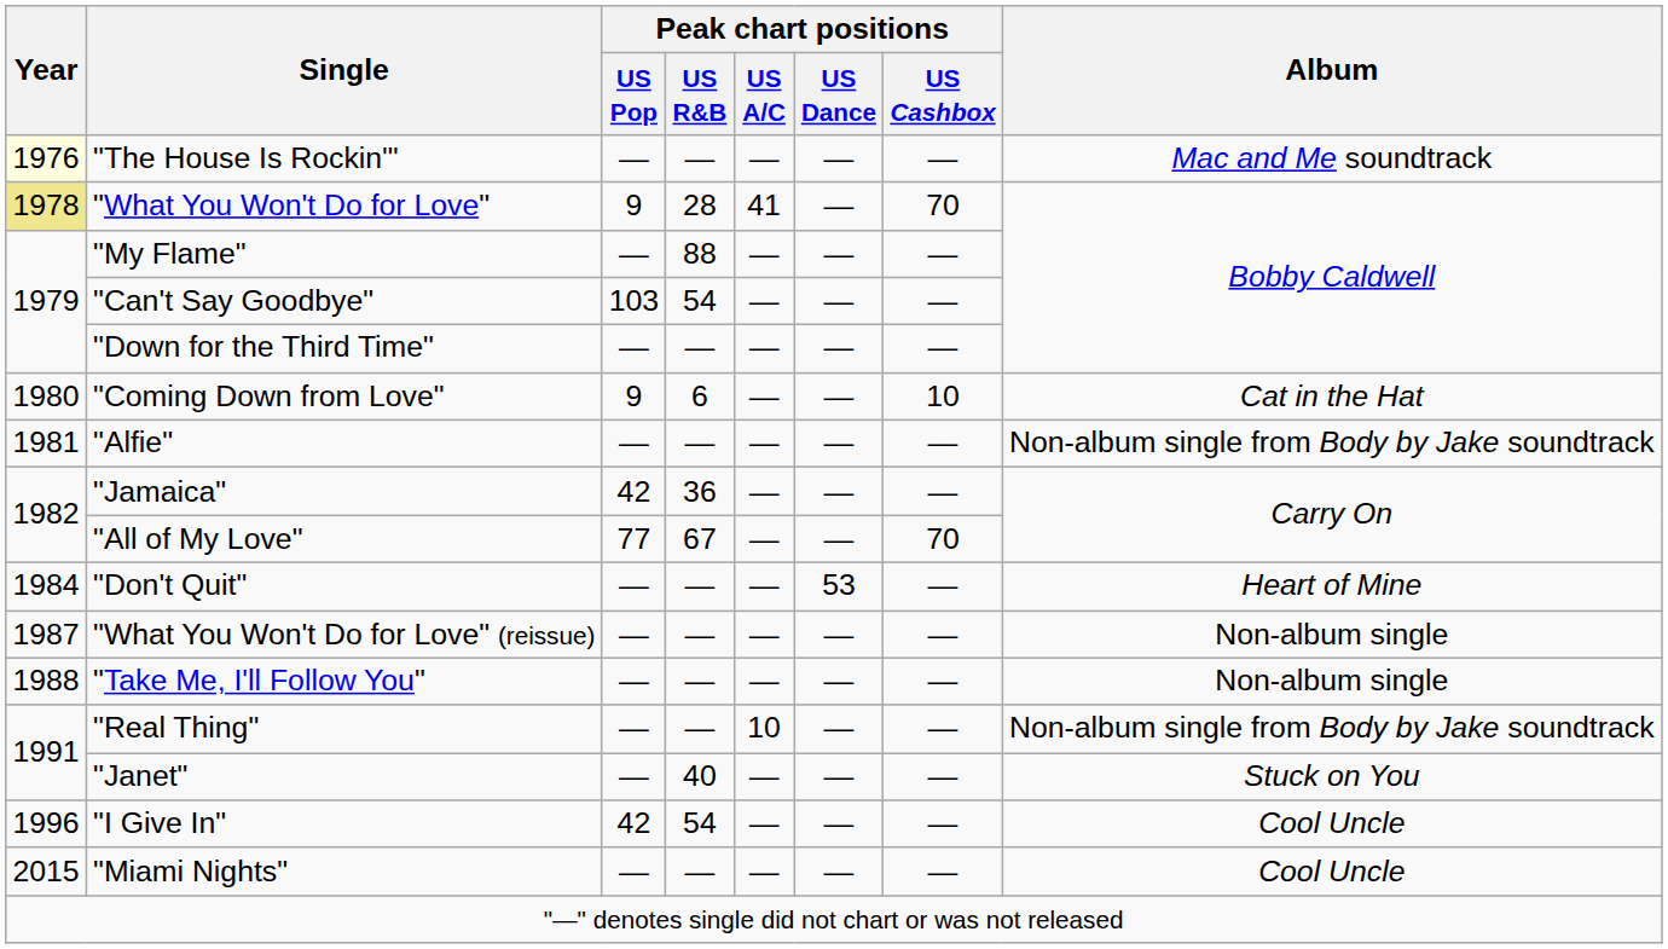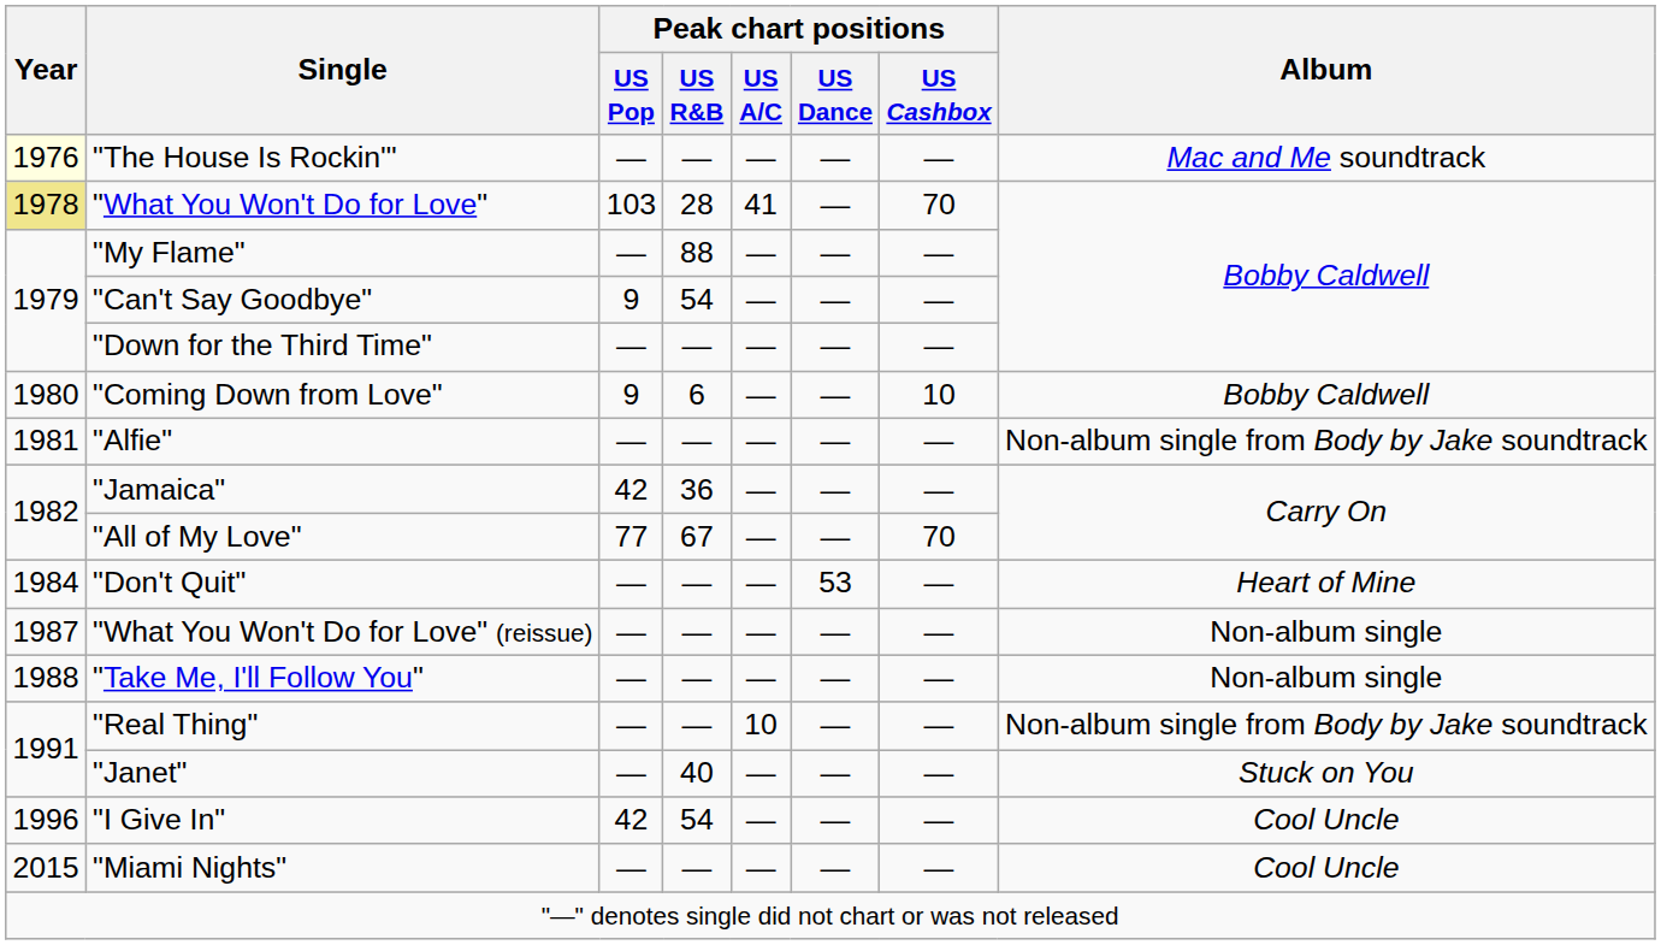 <table class="wikitable" style="text-align:center;">
 <tr>
 <th rowspan="2">Year</th>
 <th rowspan="2">Single</th>
 <th colspan="5">Peak chart positions</th>
 <th rowspan="2">Album</th>
 </tr>
 <tr>
 <th style="width:25px;"><small><a href='#'>US</a></small><br><small><a href='#'>Pop</a></small> </th>
 <th style="width:25px;"><small><a href='#'>US</a></small><br><small><a href='#'>R&B</a></small> </th>
 <th style="width:25px;"><small><a href='#'>US</a></small><br><small><a href='#'>A/C</a></small> </th>
 <th style="width:25px;"><small><a href='#'>US</a></small><br><small><a href='#'>Dance</a></small></th>
 <th style="width:25px;"><small><a href='#'>US</a></small><br><small><a href='#'><em>Cashbox</em></a></small> </th>
 </tr>
 <tr>
 <td style="background: lightyellow;">1976</td>
 <td style="text-align:left;">"The House Is Rockin'"</td>
 <td>—</td>
 <td>—</td>
 <td>—</td>
 <td>—</td>
 <td>—</td>
 <td><em><a href='#'>Mac and Me</a></em> soundtrack</td>
 </tr>
 <tr>
 <td style="background: khaki;">1978</td>
 <td style="text-align:left;">"<a href='#'>What You Won't Do for Love</a>"</td>
-<td>9</td>
+<td>103</td>
 <td>28</td>
 <td>41</td>
 <td>—</td>
 <td>70</td>
 <td rowspan="4"><em><a href='#'>Bobby Caldwell</a></em></td>
 </tr>
 <tr>
 <td rowspan="3">1979</td>
 <td style="text-align:left;">"My Flame"</td>
 <td>—</td>
 <td>88</td>
 <td>—</td>
 <td>—</td>
 <td>—</td>
 </tr>
 <tr>
 <td style="text-align:left;">"Can't Say Goodbye"</td>
-<td>103</td>
+<td>9</td>
 <td>54</td>
 <td>—</td>
 <td>—</td>
 <td>—</td>
 </tr>
 <tr>
 <td style="text-align:left;">"Down for the Third Time"</td>
 <td>—</td>
 <td>—</td>
 <td>—</td>
 <td>—</td>
 <td>—</td>
 </tr>
 <tr>
 <td>1980</td>
 <td style="text-align:left;">"Coming Down from Love"</td>
 <td>9</td>
 <td>6</td>
 <td>—</td>
 <td>—</td>
 <td>10</td>
-<td><em>Cat in the Hat</em></td>
+<td><em>Bobby Caldwell</em></td>
 </tr>
 <tr>
 <td>1981</td>
 <td style="text-align:left;">"Alfie"</td>
 <td>—</td>
 <td>—</td>
 <td>—</td>
 <td>—</td>
 <td>—</td>
 <td>Non-album single from <em>Body by Jake</em> soundtrack</td>
 </tr>
 <tr>
 <td rowspan="2">1982</td>
 <td style="text-align:left;">"Jamaica"</td>
 <td>42</td>
 <td>36</td>
 <td>—</td>
 <td>—</td>
 <td>—</td>
 <td rowspan="2"><em>Carry On</em></td>
 </tr>
 <tr>
 <td style="text-align:left;">"All of My Love"</td>
 <td>77</td>
 <td>67</td>
 <td>—</td>
 <td>—</td>
 <td>70</td>
 </tr>
 <tr>
 <td>1984</td>
 <td style="text-align:left;">"Don't Quit"</td>
 <td>—</td>
 <td>—</td>
 <td>—</td>
 <td>53</td>
 <td>—</td>
 <td><em>Heart of Mine</em></td>
 </tr>
 <tr>
 <td>1987</td>
 <td style="text-align:left;">"What You Won't Do for Love" <small>(reissue)</small></td>
 <td>—</td>
 <td>—</td>
 <td>—</td>
 <td>—</td>
 <td>—</td>
 <td>Non-album single</td>
 </tr>
 <tr>
 <td>1988</td>
 <td style="text-align:left;">"<a href='#'>Take Me, I'll Follow You</a>"</td>
 <td>—</td>
 <td>—</td>
 <td>—</td>
 <td>—</td>
 <td>—</td>
 <td>Non-album single</td>
 </tr>
 <tr>
 <td rowspan="2">1991</td>
 <td style="text-align:left;">"Real Thing"</td>
 <td>—</td>
 <td>—</td>
 <td>10</td>
 <td>—</td>
 <td>—</td>
 <td>Non-album single from <em>Body by Jake</em> soundtrack</td>
 </tr>
 <tr>
 <td style="text-align:left;">"Janet"</td>
 <td>—</td>
 <td>40</td>
 <td>—</td>
 <td>—</td>
 <td>—</td>
 <td><em>Stuck on You</em></td>
 </tr>
 <tr>
 <td>1996</td>
 <td style="text-align:left;">"I Give In"</td>
 <td>42</td>
 <td>54</td>
 <td>—</td>
 <td>—</td>
 <td>—</td>
 <td><em>Cool Uncle</em></td>
 </tr>
 <tr>
 <td>2015</td>
 <td style="text-align:left;">"Miami Nights"</td>
 <td>—</td>
 <td>—</td>
 <td>—</td>
 <td>—</td>
 <td>—</td>
 <td><em>Cool Uncle</em></td>
 </tr>
 <tr>
 <td colspan="8" style="text-align:center;"><small>"—" denotes single did not chart or was not released</small></td>
 </tr>
 </table>
